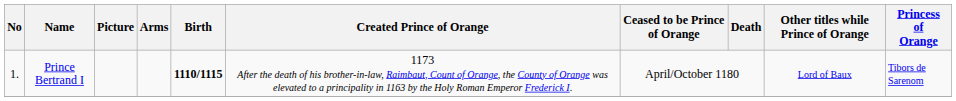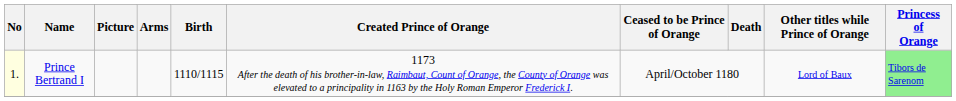 <table width=100% class="wikitable">
 <tr>
 <th>No</th>
 <th>Name</th>
 <th>Picture</th>
 <th>Arms</th>
 <th>Birth</th>
 <th>Created Prince of Orange</th>
 <th>Ceased to be Prince of Orange</th>
 <th>Death</th>
 <th>Other titles while Prince of Orange</th>
 <th><a href='#'>Princess<br>of<br>Orange</a></th>
 </tr>
 <tr>
-<td align="center">1.</td>
+<td align="center" style="background: lightyellow;">1.</td>
 <td align="center"><a href='#'>Prince Bertrand I</a></td>
 <td align="center"></td>
 <td align="center"></td>
-<td align="center"><strong>1110/1115</strong></td>
+<td align="center">1110/1115</td>
 <td align="center">1173<br><small><em>After the death of his brother-in-law, <a href='#'>Raimbaut, Count of Orange</a>, the <a href='#'>County of Orange</a> was elevated to a principality in 1163 by the Holy Roman Emperor <a href='#'>Frederick I</a></em>.</small></td>
 <td align="center" colspan="2">April/October 1180</td>
 <td align="center"><small><a href='#'>Lord of Baux</a></small></td>
-<td><small><a href='#'>Tibors de Sarenom</a></small></td>
+<td style="background: lightgreen;"><small><a href='#'>Tibors de Sarenom</a></small></td>
 </tr>
 <tr>
 </tr>
 </table>
